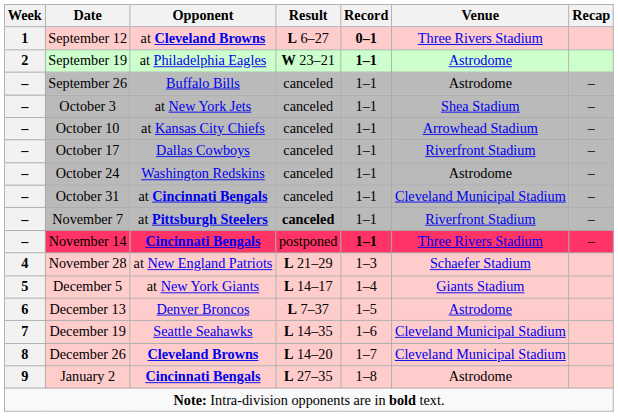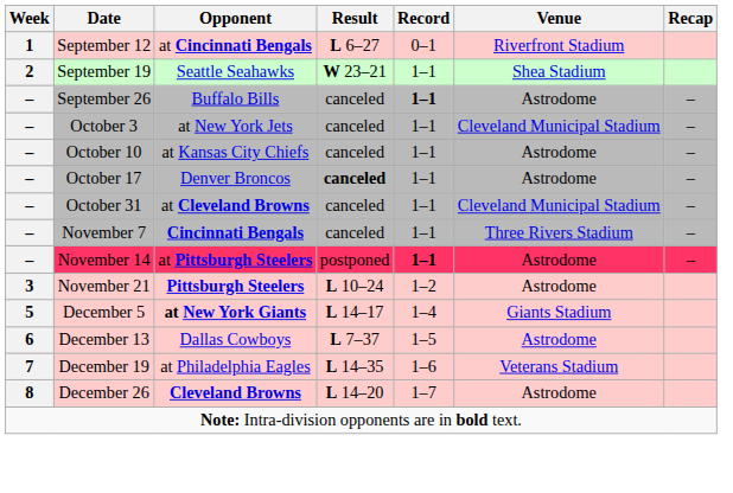 <table class="wikitable" style="text-align:center">
 <tr>
 <th>Week</th>
 <th>Date</th>
 <th>Opponent</th>
 <th>Result</th>
 <th>Record</th>
 <th>Venue</th>
 <th>Recap</th>
 </tr>
 <tr style="background: #fcc;">
 <th>1</th>
 <td>September 12</td>
-<td>at <strong><a href='#'>Cleveland Browns</a></strong></td>
+<td>at <strong><a href='#'>Cincinnati Bengals</a></strong></td>
 <td><strong>L</strong> 6–27</td>
-<td><strong>0–1</strong></td>
-<td><a href='#'>Three Rivers Stadium</a></td>
+<td>0–1</td>
+<td><a href='#'>Riverfront Stadium</a></td>
 <td></td>
 </tr>
 <tr style="background: #cfc;">
 <th>2</th>
 <td>September 19</td>
-<td>at <a href='#'>Philadelphia Eagles</a></td>
+<td><a href='#'>Seattle Seahawks</a></td>
 <td><strong>W</strong> 23–21</td>
-<td><strong>1–1</strong></td>
-<td><a href='#'>Astrodome</a></td>
+<td>1–1</td>
+<td><a href='#'>Shea Stadium</a></td>
 <td></td>
 </tr>
 <tr style="background:#bababa">
 <th>–</th>
 <td>September 26</td>
 <td><a href='#'>Buffalo Bills</a></td>
 <td>canceled</td>
-<td>1–1</td>
+<td><strong>1–1</strong></td>
 <td>Astrodome</td>
 <td>–</td>
 </tr>
 <tr style="background:#bababa">
 <th>–</th>
 <td>October 3</td>
 <td>at <a href='#'>New York Jets</a></td>
 <td>canceled</td>
 <td>1–1</td>
-<td><a href='#'>Shea Stadium</a></td>
+<td><a href='#'>Cleveland Municipal Stadium</a></td>
 <td>–</td>
 </tr>
 <tr style="background:#bababa">
 <th>–</th>
 <td>October 10</td>
 <td>at <a href='#'>Kansas City Chiefs</a></td>
 <td>canceled</td>
 <td>1–1</td>
-<td><a href='#'>Arrowhead Stadium</a></td>
+<td>Astrodome</td>
 <td>–</td>
 </tr>
 <tr style="background:#bababa">
 <th>–</th>
 <td>October 17</td>
-<td><a href='#'>Dallas Cowboys</a></td>
-<td>canceled</td>
-<td>1–1</td>
-<td><a href='#'>Riverfront Stadium</a></td>
-<td>–</td>
-</tr>
-<tr style="background:#bababa">
-<th>–</th>
-<td>October 24</td>
-<td><a href='#'>Washington Redskins</a></td>
-<td>canceled</td>
+<td><a href='#'>Denver Broncos</a></td>
+<td><strong>canceled</strong></td>
 <td>1–1</td>
 <td>Astrodome</td>
 <td>–</td>
 </tr>
 <tr style="background:#bababa">
 <th>–</th>
 <td>October 31</td>
-<td>at <strong><a href='#'>Cincinnati Bengals</a></strong></td>
+<td>at <strong><a href='#'>Cleveland Browns</a></strong></td>
 <td>canceled</td>
 <td>1–1</td>
 <td><a href='#'>Cleveland Municipal Stadium</a></td>
 <td>–</td>
 </tr>
 <tr style="background:#bababa">
 <th>–</th>
 <td>November 7</td>
-<td>at <strong><a href='#'>Pittsburgh Steelers</a></strong></td>
-<td><strong>canceled</strong></td>
+<td><strong><a href='#'>Cincinnati Bengals</a></strong></td>
+<td>canceled</td>
 <td>1–1</td>
-<td><a href='#'>Riverfront Stadium</a></td>
+<td><a href='#'>Three Rivers Stadium</a></td>
 <td>–</td>
 </tr>
 <tr style="background:#F36;">
 <th>–</th>
 <td>November 14</td>
-<td><strong><a href='#'>Cincinnati Bengals</a></strong></td>
+<td>at <strong><a href='#'>Pittsburgh Steelers</a></strong></td>
 <td>postponed</td>
 <td><strong>1–1</strong></td>
-<td><a href='#'>Three Rivers Stadium</a></td>
+<td>Astrodome</td>
 <td>–</td>
 </tr>
 <tr style="background: #fcc;">
-<th>4</th>
-<td>November 28</td>
-<td>at <a href='#'>New England Patriots</a></td>
-<td><strong>L</strong>  21–29</td>
-<td>1–3</td>
-<td><a href='#'>Schaefer Stadium</a></td>
+<th>3</th>
+<td>November 21</td>
+<td><strong><a href='#'>Pittsburgh Steelers</a></strong></td>
+<td><strong>L</strong> 10–24</td>
+<td>1–2</td>
+<td>Astrodome</td>
 <td></td>
 </tr>
 <tr style="background: #fcc;">
 <th>5</th>
 <td>December 5</td>
-<td>at <a href='#'>New York Giants</a></td>
+<td><strong>at <a href='#'>New York Giants</a></strong></td>
 <td><strong>L</strong> 14–17</td>
 <td>1–4</td>
 <td><a href='#'>Giants Stadium</a></td>
 <td></td>
 </tr>
 <tr style="background: #fcc;">
 <th>6</th>
 <td>December 13</td>
-<td><a href='#'>Denver Broncos</a></td>
+<td><a href='#'>Dallas Cowboys</a></td>
 <td><strong>L</strong> 7–37</td>
 <td>1–5</td>
 <td><a href='#'>Astrodome</a></td>
 <td></td>
 </tr>
 <tr style="background: #fcc;">
 <th>7</th>
 <td>December 19</td>
-<td><a href='#'>Seattle Seahawks</a></td>
+<td>at <a href='#'>Philadelphia Eagles</a></td>
 <td><strong>L</strong> 14–35</td>
 <td>1–6</td>
-<td><a href='#'>Cleveland Municipal Stadium</a></td>
+<td><a href='#'>Veterans Stadium</a></td>
 <td></td>
 </tr>
 <tr style="background: #fcc;">
 <th>8</th>
 <td>December 26</td>
 <td><strong><a href='#'>Cleveland Browns</a></strong></td>
 <td><strong>L</strong> 14–20</td>
 <td>1–7</td>
-<td><a href='#'>Cleveland Municipal Stadium</a></td>
-<td></td>
-</tr>
-<tr style="background: #fcc;">
-<th>9</th>
-<td>January 2</td>
-<td><strong><a href='#'>Cincinnati Bengals</a></strong></td>
-<td><strong>L</strong> 27–35</td>
-<td>1–8</td>
 <td>Astrodome</td>
 <td></td>
 </tr>
 <tr>
 <td colspan="7"><strong>Note:</strong> Intra-division opponents are in <strong>bold</strong> text.</td>
 </tr>
 </table>
